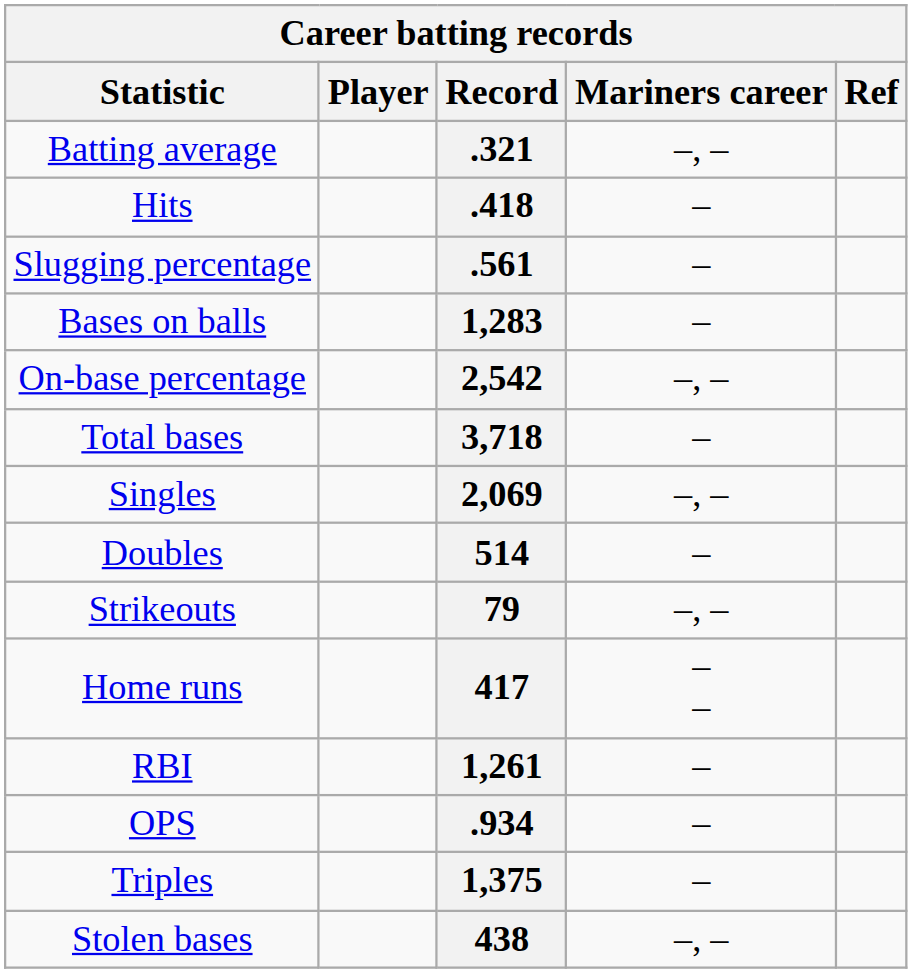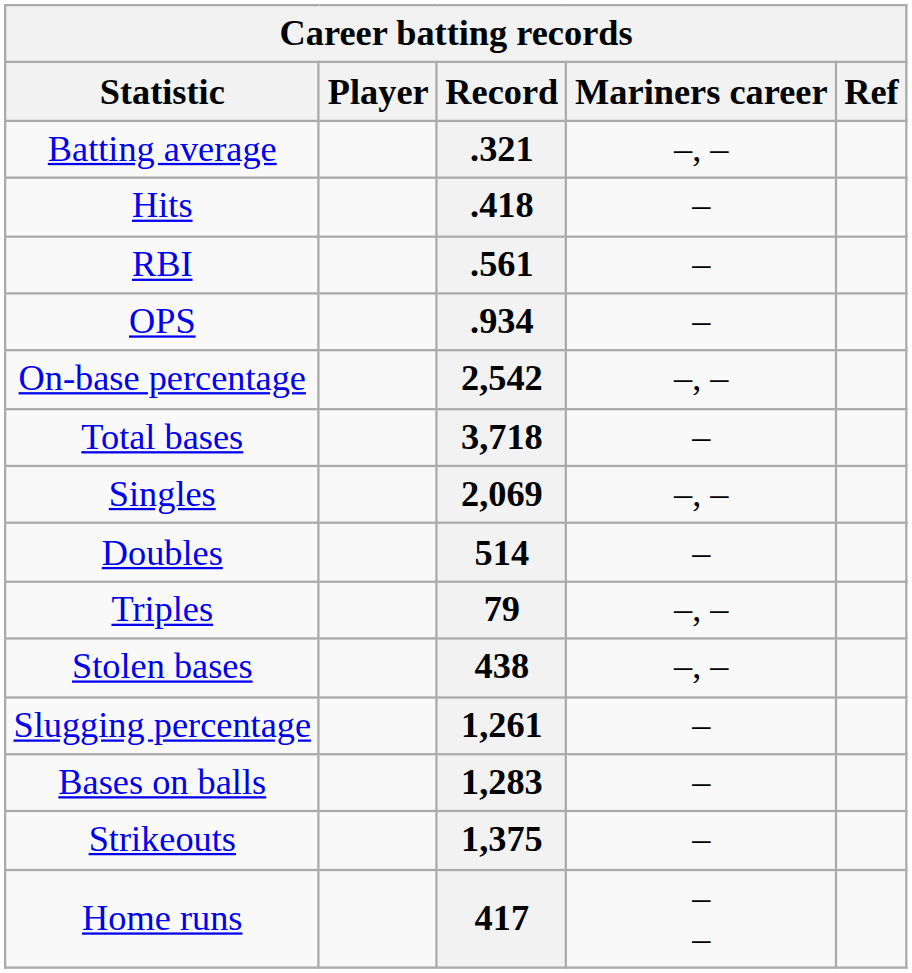 <table class="sortable wikitable" style="text-align:center">
 <tr>
 <th colspan=5>Career batting records</th>
 </tr>
 <tr>
 <th scope="col">Statistic</th>
 <th scope="col">Player</th>
 <th scope="col" class="unsortable">Record</th>
 <th scope="col">Mariners career</th>
 <th scope="col" class="unsortable">Ref</th>
 </tr>
 <tr>
 <td><a href='#'>Batting average</a></td>
 <td></td>
 <th scope="row">.321</th>
 <td>–, –</td>
 <td></td>
 </tr>
 <tr>
 <td><a href='#'>Hits</a></td>
 <td></td>
 <th scope="row">.418</th>
 <td>–</td>
 <td></td>
 </tr>
 <tr>
-<td><a href='#'>Slugging percentage</a></td>
+<td><a href='#'>RBI</a></td>
 <td></td>
 <th scope="row">.561</th>
 <td>–</td>
 <td></td>
 </tr>
 <tr>
-<td><a href='#'>Bases on balls</a></td>
+<td><a href='#'>OPS</a></td>
 <td></td>
-<th scope="row">1,283</th>
+<th scope="row">.934</th>
 <td>–</td>
 <td></td>
 </tr>
 <tr>
 <td><a href='#'>On-base percentage</a></td>
 <td></td>
 <th scope="row">2,542</th>
 <td>–, –</td>
 <td></td>
 </tr>
 <tr>
 <td><a href='#'>Total bases</a></td>
 <td></td>
 <th scope="row">3,718</th>
 <td>–</td>
 <td></td>
 </tr>
 <tr>
 <td><a href='#'>Singles</a></td>
 <td></td>
 <th scope="row">2,069</th>
 <td>–, –</td>
 <td></td>
 </tr>
 <tr>
 <td><a href='#'>Doubles</a></td>
 <td></td>
 <th scope="row">514</th>
 <td>–</td>
 <td></td>
 </tr>
 <tr>
-<td><a href='#'>Strikeouts</a></td>
+<td><a href='#'>Triples</a></td>
 <td></td>
 <th scope="row">79</th>
 <td>–, –</td>
+<td></td>
+</tr>
+<tr>
+<td><a href='#'>Stolen bases</a></td>
+<td></td>
+<th scope="row">438</th>
+<td>–, –</td>
+<td></td>
+</tr>
+<tr>
+<td><a href='#'>Slugging percentage</a></td>
+<td></td>
+<th scope="row">1,261</th>
+<td>–</td>
+<td></td>
+</tr>
+<tr>
+<td><a href='#'>Bases on balls</a></td>
+<td></td>
+<th scope="row">1,283</th>
+<td>–</td>
+<td></td>
+</tr>
+<tr>
+<td><a href='#'>Strikeouts</a></td>
+<td></td>
+<th scope="row">1,375</th>
+<td>–</td>
 <td></td>
 </tr>
 <tr>
 <td><a href='#'>Home runs</a></td>
 <td></td>
 <th scope="row">417</th>
 <td>–<br>–</td>
 <td></td>
 </tr>
-<tr>
-<td><a href='#'>RBI</a></td>
-<td></td>
-<th scope="row">1,261</th>
-<td>–</td>
-<td></td>
-</tr>
-<tr>
-<td><a href='#'>OPS</a></td>
-<td></td>
-<th scope="row">.934</th>
-<td>–</td>
-<td></td>
-</tr>
-<tr>
-<td><a href='#'>Triples</a></td>
-<td></td>
-<th scope="row">1,375</th>
-<td>–</td>
-<td></td>
-</tr>
-<tr>
-<td><a href='#'>Stolen bases</a></td>
-<td></td>
-<th scope="row">438</th>
-<td>–, –</td>
-<td></td>
-</tr>
 </table>
